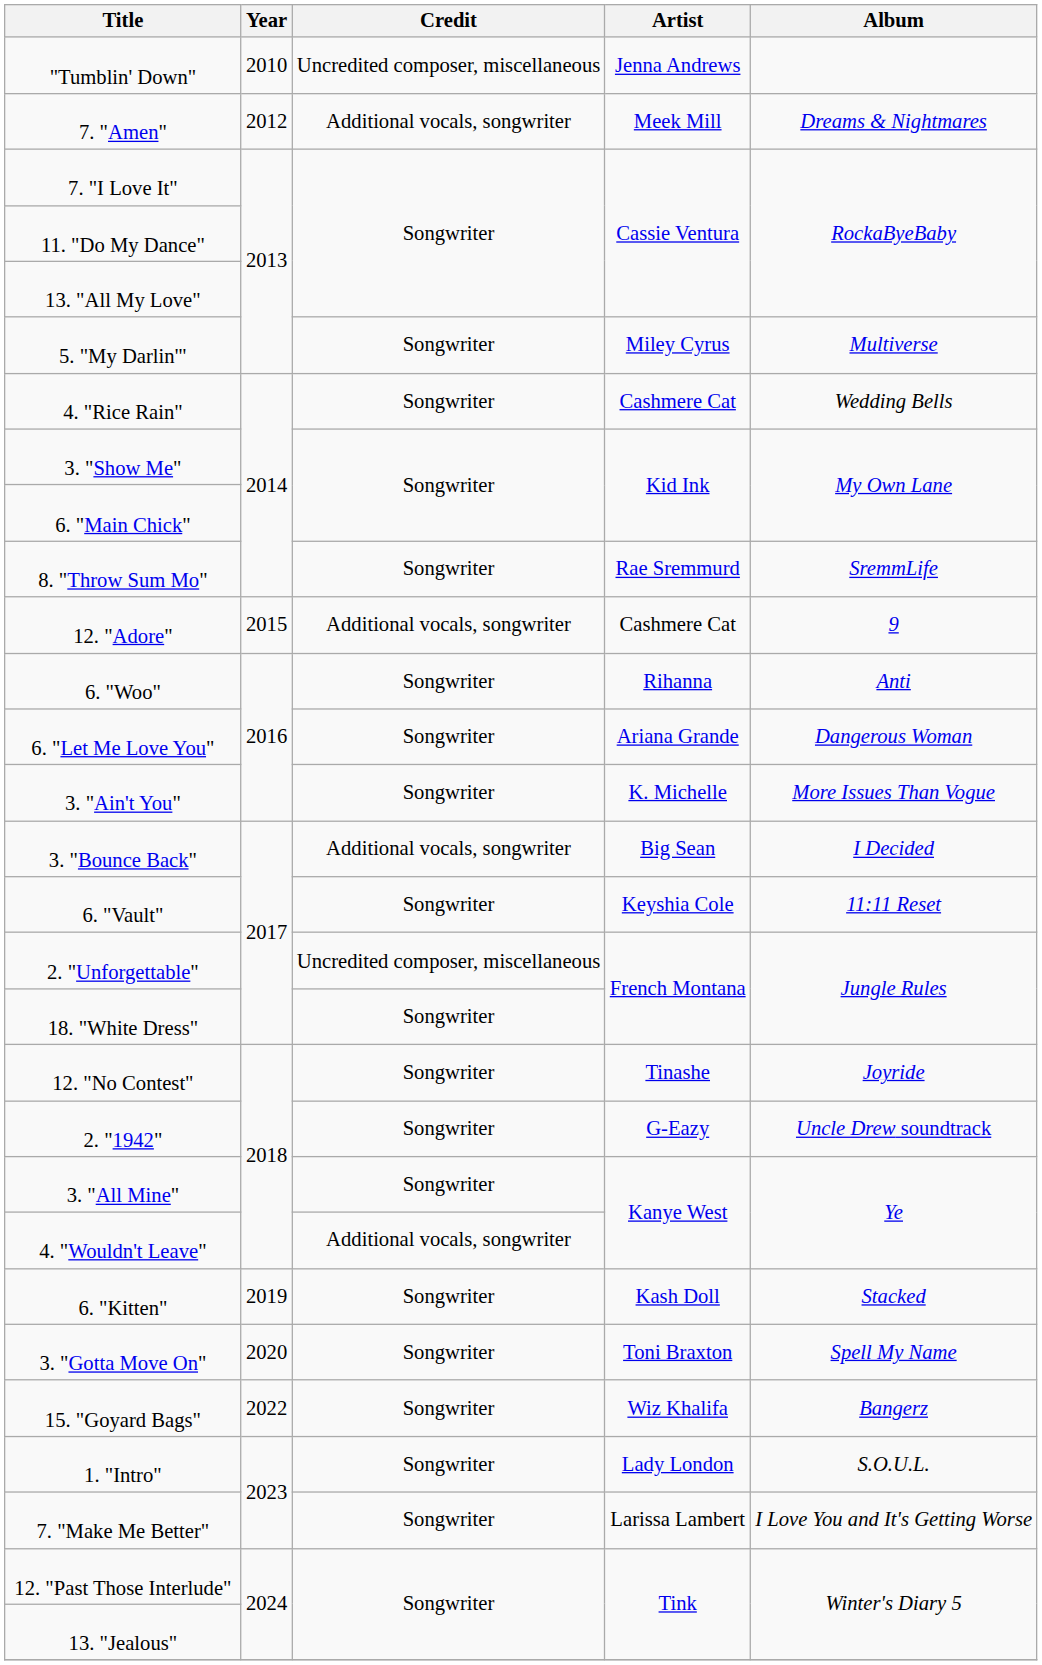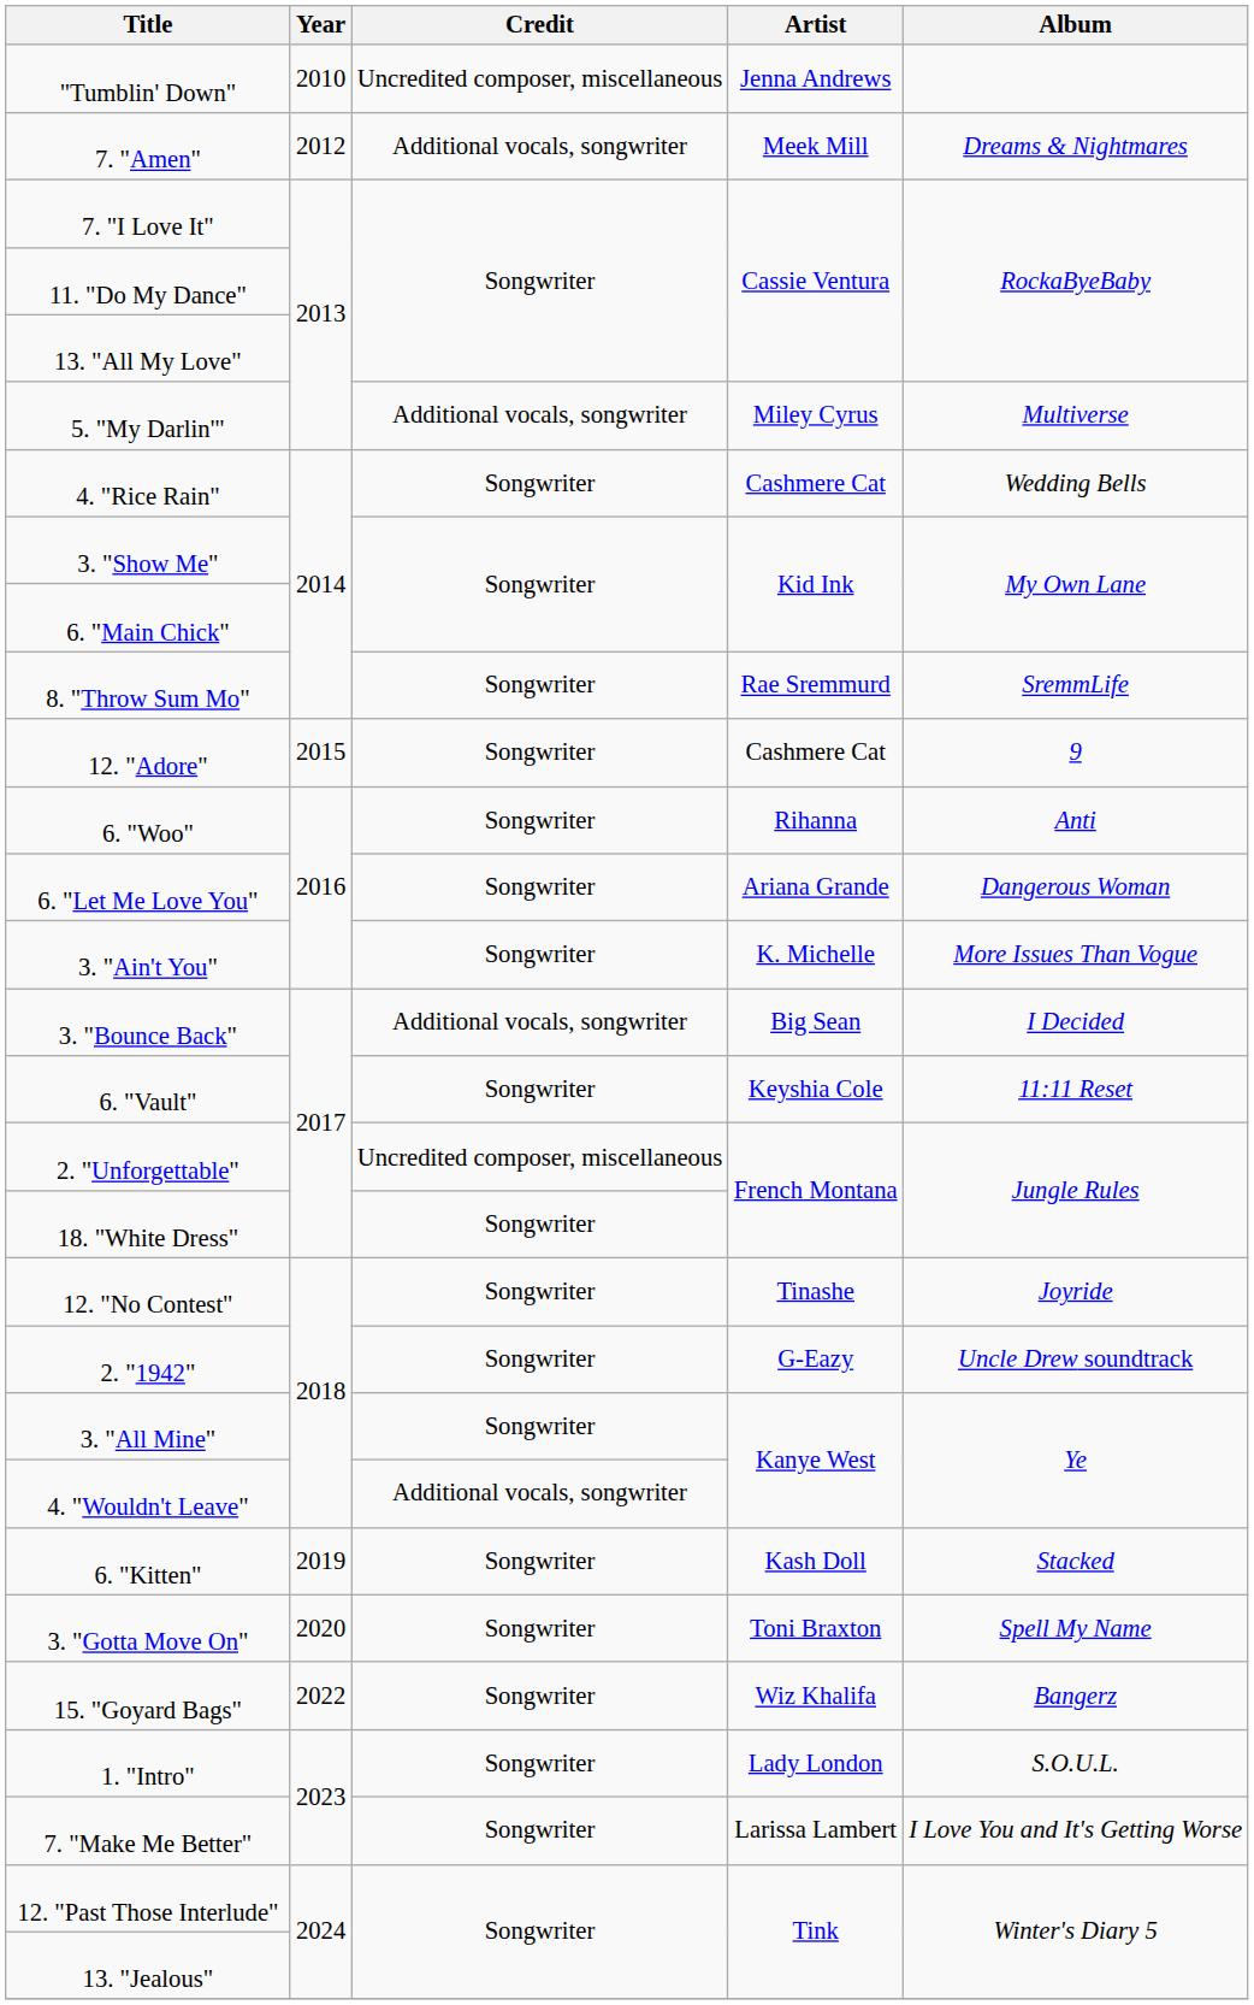 <table class="wikitable plainrowheaders" style="text-align:center;">
 <tr>
 <th style="width:11em;">Title</th>
 <th>Year</th>
 <th>Credit</th>
 <th>Artist</th>
 <th>Album</th>
 </tr>
 <tr>
 <td><br>"Tumblin' Down"</td>
 <td>2010</td>
 <td>Uncredited composer, miscellaneous</td>
 <td><a href='#'>Jenna Andrews</a></td>
 <td></td>
 </tr>
 <tr>
 <td><br>7. "<a href='#'>Amen</a>"<br></td>
 <td>2012</td>
 <td>Additional vocals, songwriter</td>
 <td><a href='#'>Meek Mill</a></td>
 <td><em><a href='#'>Dreams & Nightmares</a></em></td>
 </tr>
 <tr>
 <td><br>7. "I Love It" <br></td>
 <td rowspan="4">2013</td>
 <td rowspan="3">Songwriter</td>
 <td rowspan="3"><a href='#'>Cassie Ventura</a></td>
 <td rowspan="3"><em><a href='#'>RockaByeBaby</a></em></td>
 </tr>
 <tr>
 <td><br>11. "Do My Dance"<br></td>
 </tr>
 <tr>
 <td><br>13. "All My Love"</td>
 </tr>
 <tr>
 <td><br>5. "My Darlin'"<br></td>
-<td>Songwriter</td>
+<td>Additional vocals, songwriter</td>
 <td><a href='#'>Miley Cyrus</a></td>
 <td><em><a href='#'>Multiverse</a></em></td>
 </tr>
 <tr>
 <td><br>4. "Rice Rain"</td>
 <td rowspan="4">2014</td>
 <td>Songwriter</td>
 <td><a href='#'>Cashmere Cat</a></td>
 <td><em>Wedding Bells</em></td>
 </tr>
 <tr>
 <td><br>3. "<a href='#'>Show Me</a>" </td>
 <td rowspan="2">Songwriter</td>
 <td rowspan="2"><a href='#'>Kid Ink</a></td>
 <td rowspan="2"><em><a href='#'>My Own Lane</a></em></td>
 </tr>
 <tr>
 <td><br>6. "<a href='#'>Main Chick</a>" </td>
 </tr>
 <tr>
 <td><br>8. "<a href='#'>Throw Sum Mo</a>"<br> </td>
 <td>Songwriter</td>
 <td><a href='#'>Rae Sremmurd</a></td>
 <td><em><a href='#'>SremmLife</a></em></td>
 </tr>
 <tr>
 <td><br>12. "<a href='#'>Adore</a>"<br></td>
 <td>2015</td>
-<td>Additional vocals, songwriter</td>
+<td>Songwriter</td>
 <td>Cashmere Cat</td>
 <td><em><a href='#'>9</a></em></td>
 </tr>
 <tr>
 <td><br>6. "Woo"</td>
 <td rowspan="3">2016</td>
 <td>Songwriter</td>
 <td><a href='#'>Rihanna</a></td>
 <td><em><a href='#'>Anti</a></em></td>
 </tr>
 <tr>
 <td><br>6. "<a href='#'>Let Me Love You</a>"<br></td>
 <td>Songwriter</td>
 <td><a href='#'>Ariana Grande</a></td>
 <td><em><a href='#'>Dangerous Woman</a></em></td>
 </tr>
 <tr>
 <td><br>3. "<a href='#'>Ain't You</a>"</td>
 <td>Songwriter</td>
 <td><a href='#'>K. Michelle</a></td>
 <td><em><a href='#'>More Issues Than Vogue</a></em></td>
 </tr>
 <tr>
 <td><br>3. "<a href='#'>Bounce Back</a>"</td>
 <td rowspan="4">2017</td>
 <td>Additional vocals, songwriter</td>
 <td><a href='#'>Big Sean</a></td>
 <td><em><a href='#'>I Decided</a></em></td>
 </tr>
 <tr>
 <td><br>6. "Vault"</td>
 <td>Songwriter</td>
 <td><a href='#'>Keyshia Cole</a></td>
 <td><em><a href='#'>11:11 Reset</a></em></td>
 </tr>
 <tr>
 <td><br>2. "<a href='#'>Unforgettable</a>"<br></td>
 <td>Uncredited composer, miscellaneous</td>
 <td rowspan="2"><a href='#'>French Montana</a></td>
 <td rowspan="2"><em><a href='#'>Jungle Rules</a></em></td>
 </tr>
 <tr>
 <td><br>18. "White Dress"</td>
 <td>Songwriter</td>
 </tr>
 <tr>
 <td><br>12. "No Contest"</td>
 <td rowspan="4">2018</td>
 <td>Songwriter</td>
 <td><a href='#'>Tinashe</a></td>
 <td><em><a href='#'>Joyride</a></em></td>
 </tr>
 <tr>
 <td><br>2. "<a href='#'>1942</a>" <br></td>
 <td>Songwriter</td>
 <td><a href='#'>G-Eazy</a></td>
 <td><a href='#'><em>Uncle Drew</em> soundtrack</a></td>
 </tr>
 <tr>
 <td><br>3. "<a href='#'>All Mine</a>"</td>
 <td>Songwriter</td>
 <td rowspan="2"><a href='#'>Kanye West</a></td>
 <td rowspan="2"><em><a href='#'>Ye</a></em></td>
 </tr>
 <tr>
 <td><br>4. "<a href='#'>Wouldn't Leave</a>"<br> </td>
 <td>Additional vocals, songwriter</td>
 </tr>
 <tr>
 <td><br>6. "Kitten" <br></td>
 <td>2019</td>
 <td>Songwriter</td>
 <td><a href='#'>Kash Doll</a></td>
 <td><em><a href='#'>Stacked</a></em></td>
 </tr>
 <tr>
 <td><br>3. "<a href='#'>Gotta Move On</a>"<br></td>
 <td rowspan="1">2020</td>
 <td>Songwriter</td>
 <td><a href='#'>Toni Braxton</a></td>
 <td><em><a href='#'>Spell My Name</a></em></td>
 </tr>
 <tr>
 <td><br>15. "Goyard Bags" <br></td>
 <td>2022</td>
 <td>Songwriter</td>
 <td><a href='#'>Wiz Khalifa</a></td>
 <td><em><a href='#'>Bangerz</a></em></td>
 </tr>
 <tr>
 <td><br>1. "Intro"</td>
 <td rowspan="2">2023</td>
 <td>Songwriter</td>
 <td><a href='#'>Lady London</a></td>
 <td><em>S.O.U.L.</em></td>
 </tr>
 <tr>
 <td><br>7. "Make Me Better"</td>
 <td>Songwriter</td>
 <td>Larissa Lambert</td>
 <td><em>I Love You and It's Getting Worse</em></td>
 </tr>
 <tr>
 <td><br>12. "Past Those Interlude"</td>
 <td rowspan="2">2024</td>
 <td rowspan="2">Songwriter</td>
 <td rowspan="2"><a href='#'>Tink</a></td>
 <td rowspan="2"><em>Winter's Diary 5</em></td>
 </tr>
 <tr>
 <td><br>13. "Jealous"</td>
 </tr>
 <tr>
 </tr>
 </table>
